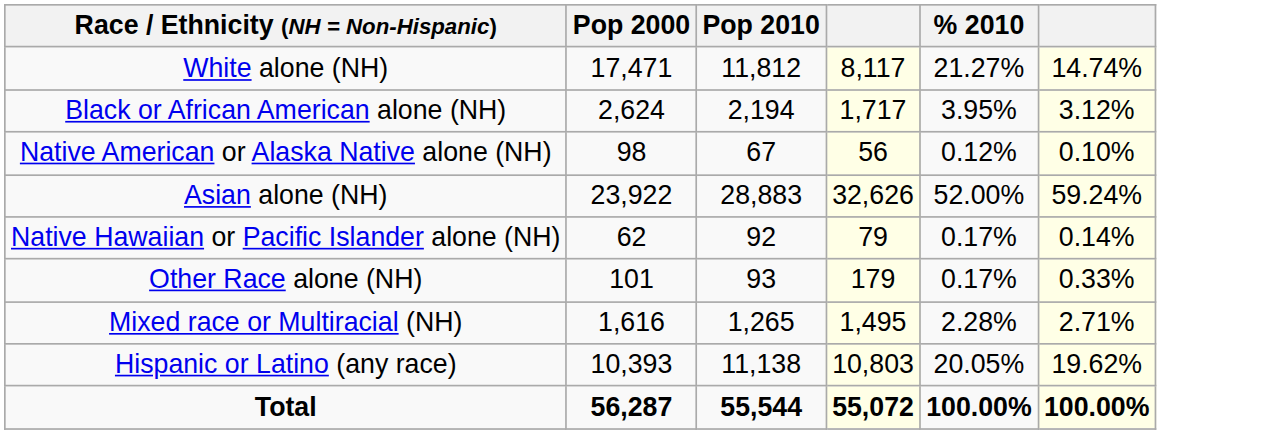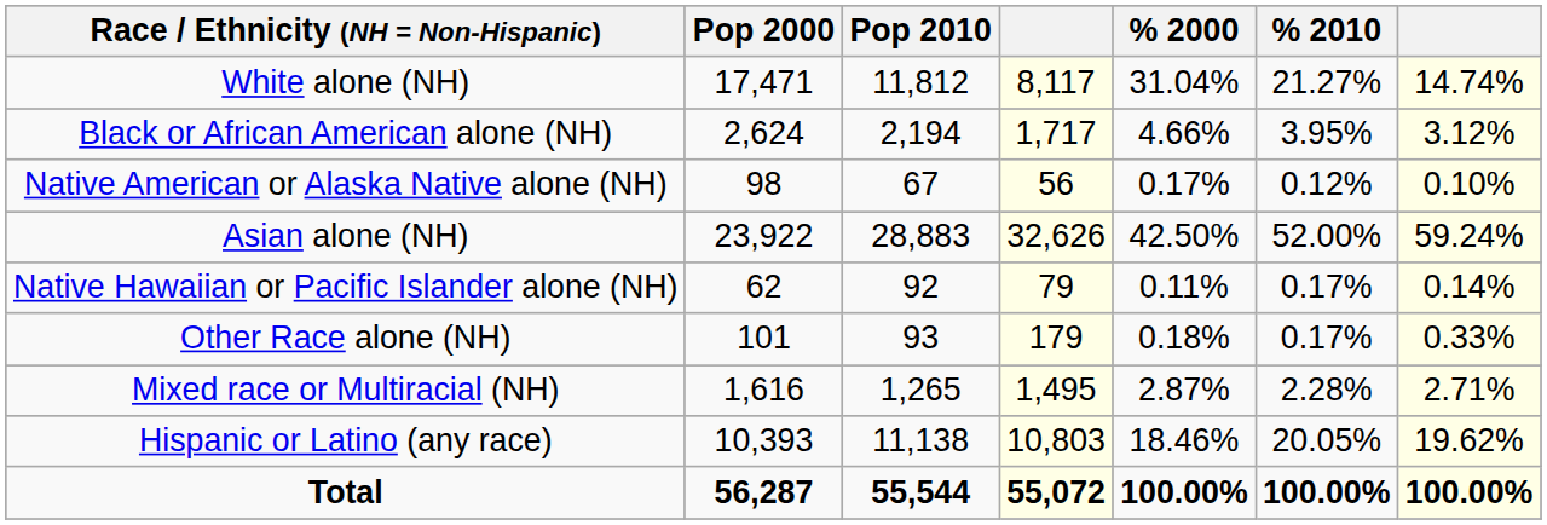 <table class="wikitable" style="text-align:center;">
 <tr>
 <th>Race / Ethnicity <small>(<em>NH = Non-Hispanic</em>)</small></th>
 <th>Pop 2000</th>
 <th>Pop 2010</th>
 <th></th>
+<th>% 2000</th>
 <th>% 2010</th>
 <th></th>
 </tr>
 <tr>
 <td><a href='#'>White</a> alone (NH)</td>
 <td>17,471</td>
 <td>11,812</td>
 <td style='background: #ffffe6;'>8,117</td>
+<td>31.04%</td>
 <td>21.27%</td>
 <td style='background: #ffffe6;'>14.74%</td>
 </tr>
 <tr>
 <td><a href='#'>Black or African American</a> alone (NH)</td>
 <td>2,624</td>
 <td>2,194</td>
 <td style='background: #ffffe6;'>1,717</td>
+<td>4.66%</td>
 <td>3.95%</td>
 <td style='background: #ffffe6;'>3.12%</td>
 </tr>
 <tr>
 <td><a href='#'>Native American</a> or <a href='#'>Alaska Native</a> alone (NH)</td>
 <td>98</td>
 <td>67</td>
 <td style='background: #ffffe6;'>56</td>
+<td>0.17%</td>
 <td>0.12%</td>
 <td style='background: #ffffe6;'>0.10%</td>
 </tr>
 <tr>
 <td><a href='#'>Asian</a> alone (NH)</td>
 <td>23,922</td>
 <td>28,883</td>
 <td style='background: #ffffe6;'>32,626</td>
+<td>42.50%</td>
 <td>52.00%</td>
 <td style='background: #ffffe6;'>59.24%</td>
 </tr>
 <tr>
 <td><a href='#'>Native Hawaiian</a> or <a href='#'>Pacific Islander</a> alone (NH)</td>
 <td>62</td>
 <td>92</td>
 <td style='background: #ffffe6;'>79</td>
+<td>0.11%</td>
 <td>0.17%</td>
 <td style='background: #ffffe6;'>0.14%</td>
 </tr>
 <tr>
 <td><a href='#'>Other Race</a> alone (NH)</td>
 <td>101</td>
 <td>93</td>
 <td style='background: #ffffe6;'>179</td>
+<td>0.18%</td>
 <td>0.17%</td>
 <td style='background: #ffffe6;'>0.33%</td>
 </tr>
 <tr>
 <td><a href='#'>Mixed race or Multiracial</a> (NH)</td>
 <td>1,616</td>
 <td>1,265</td>
 <td style='background: #ffffe6;'>1,495</td>
+<td>2.87%</td>
 <td>2.28%</td>
 <td style='background: #ffffe6;'>2.71%</td>
 </tr>
 <tr>
 <td><a href='#'>Hispanic or Latino</a> (any race)</td>
 <td>10,393</td>
 <td>11,138</td>
 <td style='background: #ffffe6;'>10,803</td>
+<td>18.46%</td>
 <td>20.05%</td>
 <td style='background: #ffffe6;'>19.62%</td>
 </tr>
 <tr>
 <td><strong>Total</strong></td>
 <td><strong>56,287</strong></td>
 <td><strong>55,544</strong></td>
 <td style='background: #ffffe6;'><strong>55,072</strong></td>
 <td><strong>100.00%</strong></td>
+<td><strong>100.00%</strong></td>
 <td style='background: #ffffe6;'><strong>100.00%</strong></td>
 </tr>
 </table>
